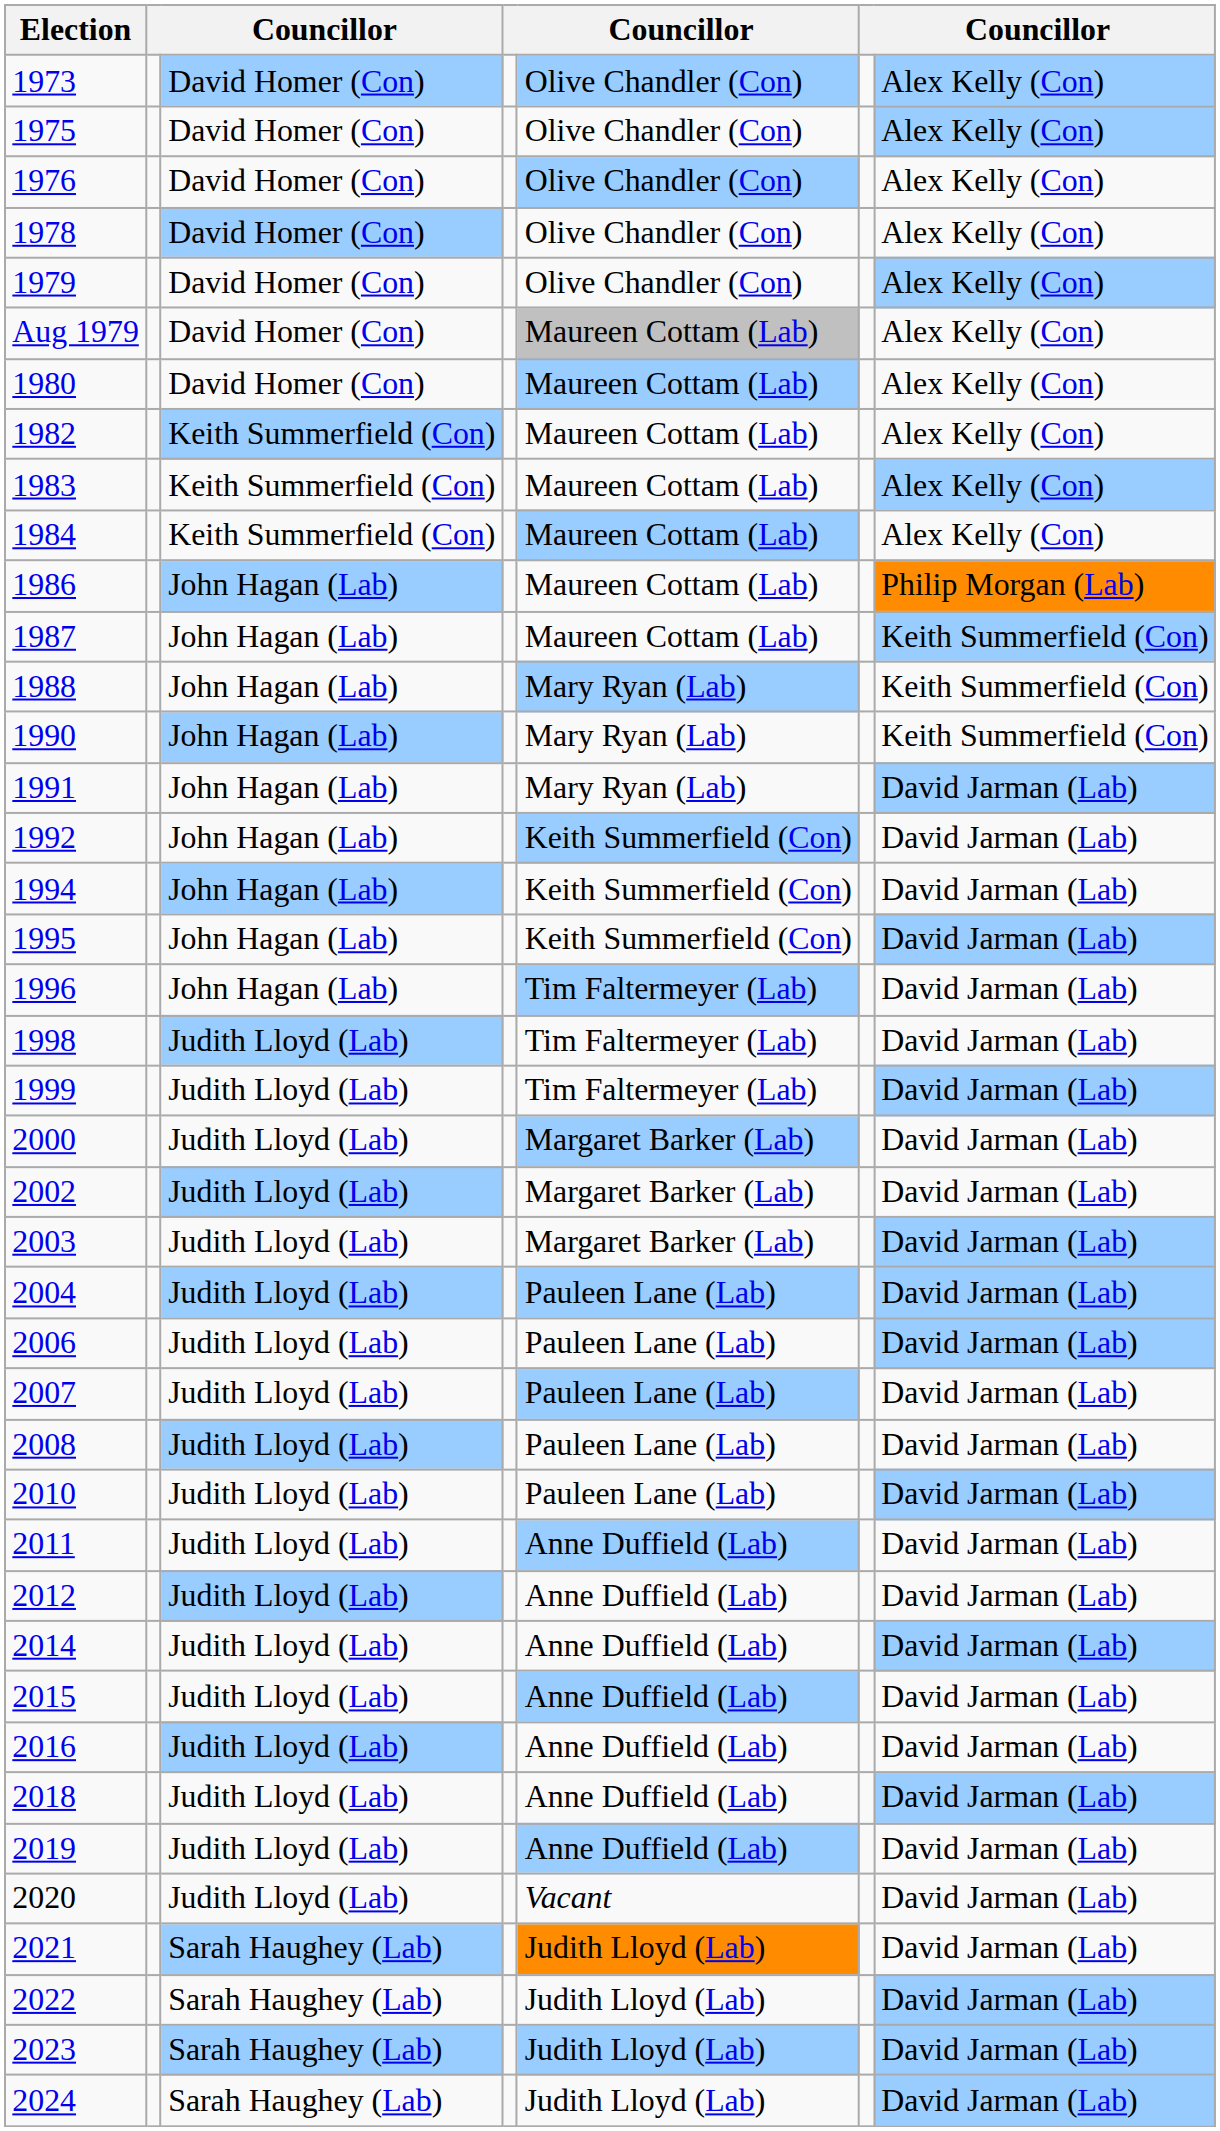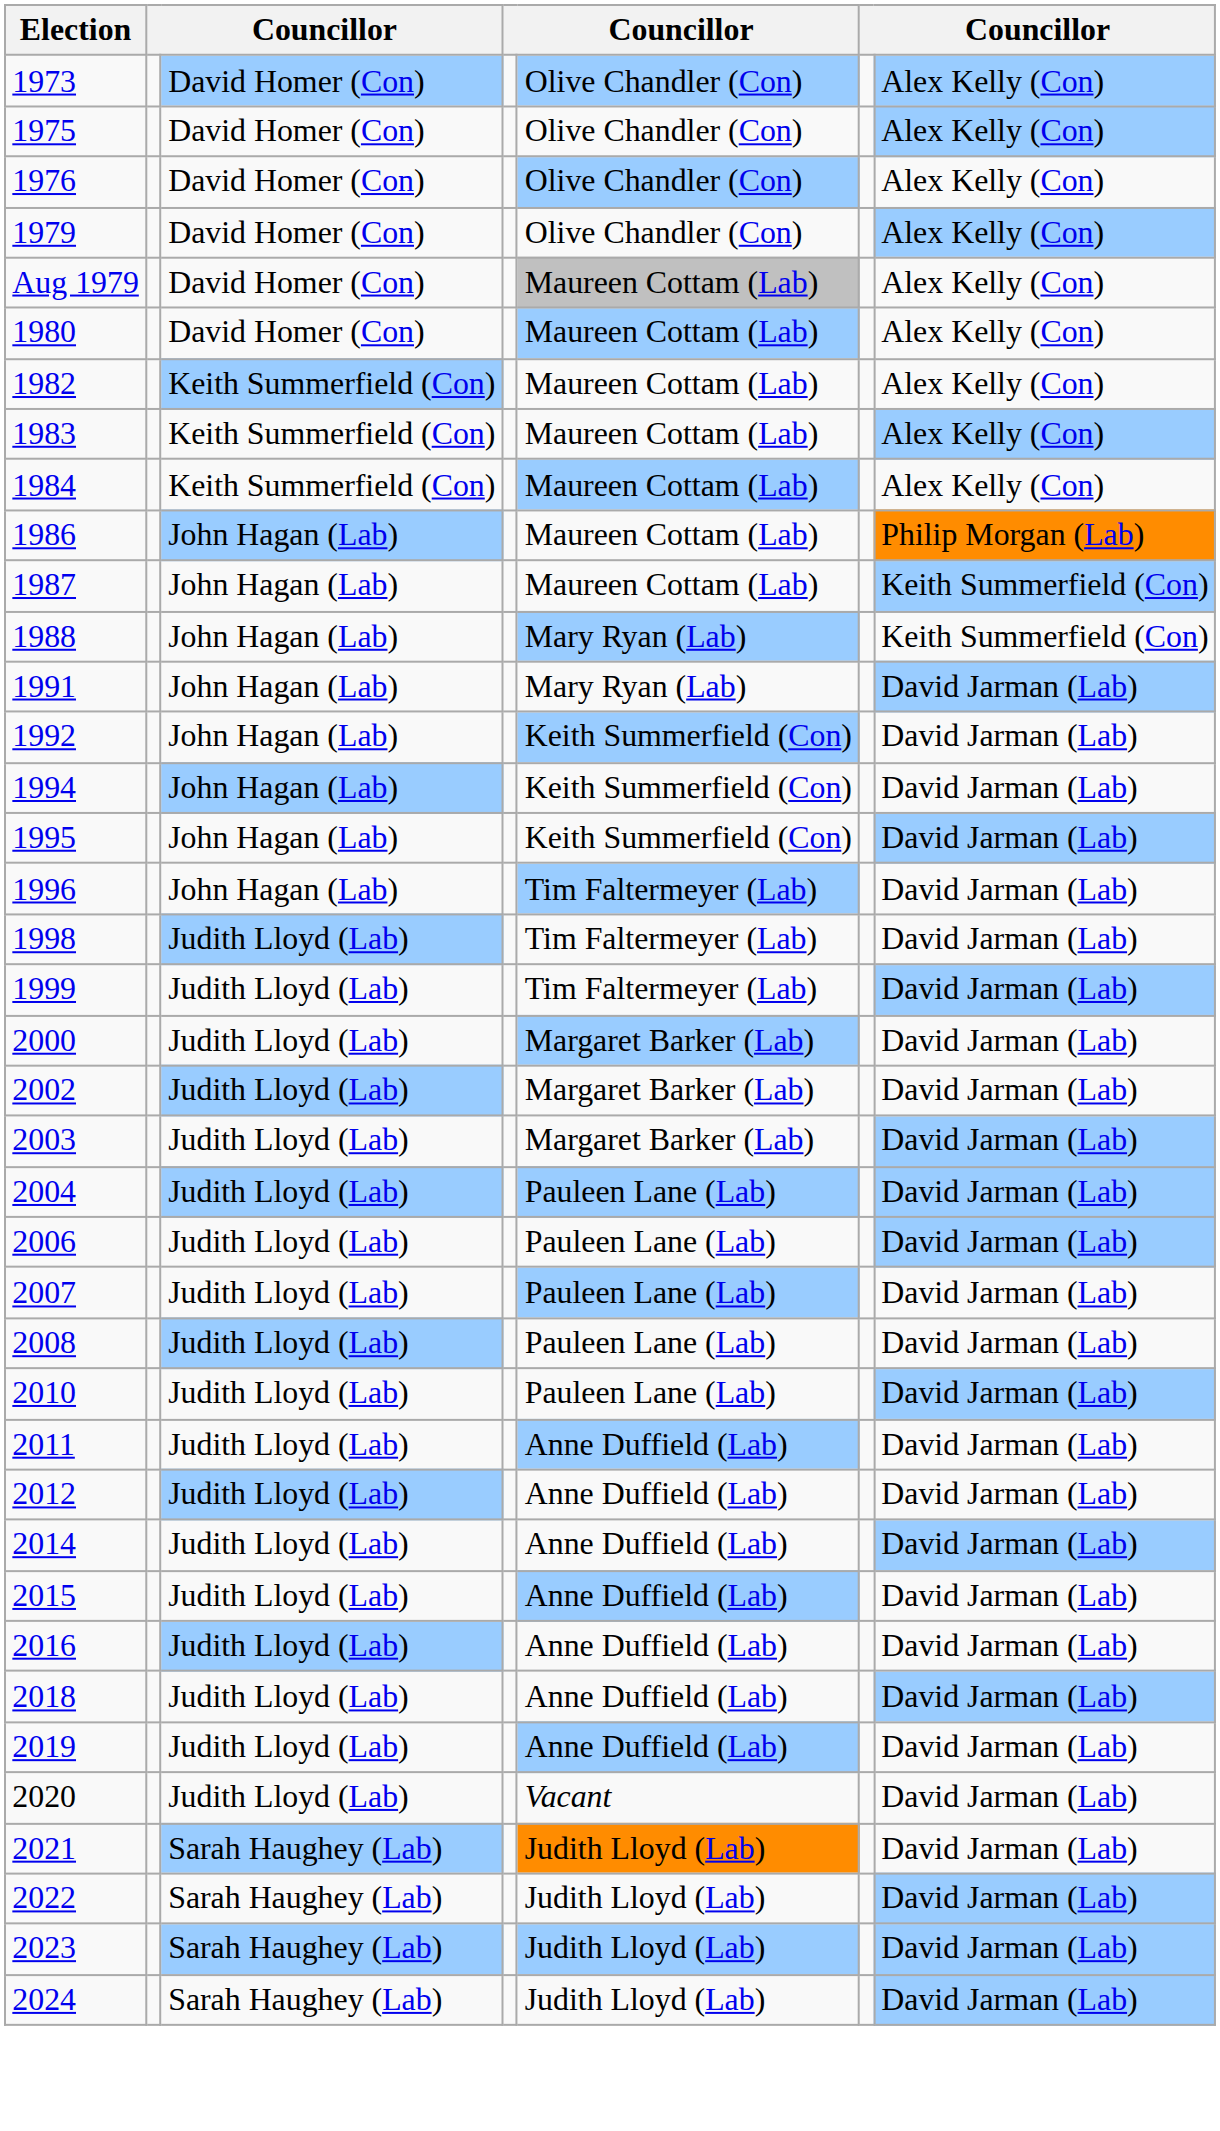 <table class="wikitable">
 <tr>
 <th>Election</th>
 <th colspan="2">Councillor</th>
 <th colspan="2">Councillor</th>
 <th colspan="2">Councillor</th>
 </tr>
 <tr>
 <td><a href='#'>1973</a></td>
 <td style="background-color: "></td>
 <td bgcolor="#99CCFF">David Homer (<a href='#'>Con</a>)</td>
 <td style="background-color: "></td>
 <td bgcolor="#99CCFF">Olive Chandler (<a href='#'>Con</a>)</td>
 <td style="background-color: "></td>
 <td bgcolor="#99CCFF">Alex Kelly (<a href='#'>Con</a>)</td>
 </tr>
 <tr>
 <td><a href='#'>1975</a></td>
 <td style="background-color: "></td>
 <td>David Homer (<a href='#'>Con</a>)</td>
 <td style="background-color: "></td>
 <td>Olive Chandler (<a href='#'>Con</a>)</td>
 <td style="background-color: "></td>
 <td bgcolor="#99CCFF">Alex Kelly (<a href='#'>Con</a>)</td>
 </tr>
 <tr>
 <td><a href='#'>1976</a></td>
 <td style="background-color: "></td>
 <td>David Homer (<a href='#'>Con</a>)</td>
 <td style="background-color: "></td>
 <td bgcolor="#99CCFF">Olive Chandler (<a href='#'>Con</a>)</td>
-<td style="background-color: "></td>
-<td>Alex Kelly (<a href='#'>Con</a>)</td>
-</tr>
-<tr>
-<td><a href='#'>1978</a></td>
-<td style="background-color: "></td>
-<td bgcolor="#99CCFF">David Homer (<a href='#'>Con</a>)</td>
-<td style="background-color: "></td>
-<td>Olive Chandler (<a href='#'>Con</a>)</td>
 <td style="background-color: "></td>
 <td>Alex Kelly (<a href='#'>Con</a>)</td>
 </tr>
 <tr>
 <td><a href='#'>1979</a></td>
 <td style="background-color: "></td>
 <td>David Homer (<a href='#'>Con</a>)</td>
 <td style="background-color: "></td>
 <td>Olive Chandler (<a href='#'>Con</a>)</td>
 <td style="background-color: "></td>
 <td bgcolor="#99CCFF">Alex Kelly (<a href='#'>Con</a>)</td>
 </tr>
 <tr>
 <td><a href='#'>Aug 1979</a></td>
 <td style="background-color: "></td>
 <td>David Homer (<a href='#'>Con</a>)</td>
 <td style="background-color: "></td>
 <td bgcolor="#C0C0C0">Maureen Cottam (<a href='#'>Lab</a>)</td>
 <td style="background-color: "></td>
 <td>Alex Kelly (<a href='#'>Con</a>)</td>
 </tr>
 <tr>
 <td><a href='#'>1980</a></td>
 <td style="background-color: "></td>
 <td>David Homer (<a href='#'>Con</a>)</td>
 <td style="background-color: "></td>
 <td bgcolor="#99CCFF">Maureen Cottam (<a href='#'>Lab</a>)</td>
 <td style="background-color: "></td>
 <td>Alex Kelly (<a href='#'>Con</a>)</td>
 </tr>
 <tr>
 <td><a href='#'>1982</a></td>
 <td style="background-color: "></td>
 <td bgcolor="#99CCFF">Keith Summerfield (<a href='#'>Con</a>)</td>
 <td style="background-color: "></td>
 <td>Maureen Cottam (<a href='#'>Lab</a>)</td>
 <td style="background-color: "></td>
 <td>Alex Kelly (<a href='#'>Con</a>)</td>
 </tr>
 <tr>
 <td><a href='#'>1983</a></td>
 <td style="background-color: "></td>
 <td>Keith Summerfield (<a href='#'>Con</a>)</td>
 <td style="background-color: "></td>
 <td>Maureen Cottam (<a href='#'>Lab</a>)</td>
 <td style="background-color: "></td>
 <td bgcolor="#99CCFF">Alex Kelly (<a href='#'>Con</a>)</td>
 </tr>
 <tr>
 <td><a href='#'>1984</a></td>
 <td style="background-color: "></td>
 <td>Keith Summerfield (<a href='#'>Con</a>)</td>
 <td style="background-color: "></td>
 <td bgcolor="#99CCFF">Maureen Cottam (<a href='#'>Lab</a>)</td>
 <td style="background-color: "></td>
 <td>Alex Kelly (<a href='#'>Con</a>)</td>
 </tr>
 <tr>
 <td><a href='#'>1986</a></td>
 <td style="background-color: "></td>
 <td bgcolor="#99CCFF">John Hagan (<a href='#'>Lab</a>)</td>
 <td style="background-color: "></td>
 <td>Maureen Cottam (<a href='#'>Lab</a>)</td>
 <td style="background-color: "></td>
 <td bgcolor="#FF8C00">Philip Morgan (<a href='#'>Lab</a>)</td>
 </tr>
 <tr>
 <td><a href='#'>1987</a></td>
 <td style="background-color: "></td>
 <td>John Hagan (<a href='#'>Lab</a>)</td>
 <td style="background-color: "></td>
 <td>Maureen Cottam (<a href='#'>Lab</a>)</td>
 <td style="background-color: "></td>
 <td bgcolor="#99CCFF">Keith Summerfield (<a href='#'>Con</a>)</td>
 </tr>
 <tr>
 <td><a href='#'>1988</a></td>
 <td style="background-color: "></td>
 <td>John Hagan (<a href='#'>Lab</a>)</td>
 <td style="background-color: "></td>
 <td bgcolor="#99CCFF">Mary Ryan (<a href='#'>Lab</a>)</td>
-<td style="background-color: "></td>
-<td>Keith Summerfield (<a href='#'>Con</a>)</td>
-</tr>
-<tr>
-<td><a href='#'>1990</a></td>
-<td style="background-color: "></td>
-<td bgcolor="#99CCFF">John Hagan (<a href='#'>Lab</a>)</td>
-<td style="background-color: "></td>
-<td>Mary Ryan (<a href='#'>Lab</a>)</td>
 <td style="background-color: "></td>
 <td>Keith Summerfield (<a href='#'>Con</a>)</td>
 </tr>
 <tr>
 <td><a href='#'>1991</a></td>
 <td style="background-color: "></td>
 <td>John Hagan (<a href='#'>Lab</a>)</td>
 <td style="background-color: "></td>
 <td>Mary Ryan (<a href='#'>Lab</a>)</td>
 <td style="background-color: "></td>
 <td bgcolor="#99CCFF">David Jarman (<a href='#'>Lab</a>)</td>
 </tr>
 <tr>
 <td><a href='#'>1992</a></td>
 <td style="background-color: "></td>
 <td>John Hagan (<a href='#'>Lab</a>)</td>
 <td style="background-color: "></td>
 <td bgcolor="#99CCFF">Keith Summerfield (<a href='#'>Con</a>)</td>
 <td style="background-color: "></td>
 <td>David Jarman (<a href='#'>Lab</a>)</td>
 </tr>
 <tr>
 <td><a href='#'>1994</a></td>
 <td style="background-color: "></td>
 <td bgcolor="#99CCFF">John Hagan (<a href='#'>Lab</a>)</td>
 <td style="background-color: "></td>
 <td>Keith Summerfield (<a href='#'>Con</a>)</td>
 <td style="background-color: "></td>
 <td>David Jarman (<a href='#'>Lab</a>)</td>
 </tr>
 <tr>
 <td><a href='#'>1995</a></td>
 <td style="background-color: "></td>
 <td>John Hagan (<a href='#'>Lab</a>)</td>
 <td style="background-color: "></td>
 <td>Keith Summerfield (<a href='#'>Con</a>)</td>
 <td style="background-color: "></td>
 <td bgcolor="#99CCFF">David Jarman (<a href='#'>Lab</a>)</td>
 </tr>
 <tr>
 <td><a href='#'>1996</a></td>
 <td style="background-color: "></td>
 <td>John Hagan (<a href='#'>Lab</a>)</td>
 <td style="background-color: "></td>
 <td bgcolor="#99CCFF">Tim Faltermeyer (<a href='#'>Lab</a>)</td>
 <td style="background-color: "></td>
 <td>David Jarman (<a href='#'>Lab</a>)</td>
 </tr>
 <tr>
 <td><a href='#'>1998</a></td>
 <td style="background-color: "></td>
 <td bgcolor="#99CCFF">Judith Lloyd (<a href='#'>Lab</a>)</td>
 <td style="background-color: "></td>
 <td>Tim Faltermeyer (<a href='#'>Lab</a>)</td>
 <td style="background-color: "></td>
 <td>David Jarman (<a href='#'>Lab</a>)</td>
 </tr>
 <tr>
 <td><a href='#'>1999</a></td>
 <td style="background-color: "></td>
 <td>Judith Lloyd (<a href='#'>Lab</a>)</td>
 <td style="background-color: "></td>
 <td>Tim Faltermeyer (<a href='#'>Lab</a>)</td>
 <td style="background-color: "></td>
 <td bgcolor="#99CCFF">David Jarman (<a href='#'>Lab</a>)</td>
 </tr>
 <tr>
 <td><a href='#'>2000</a></td>
 <td style="background-color: "></td>
 <td>Judith Lloyd (<a href='#'>Lab</a>)</td>
 <td style="background-color: "></td>
 <td bgcolor="#99CCFF">Margaret Barker (<a href='#'>Lab</a>)</td>
 <td style="background-color: "></td>
 <td>David Jarman (<a href='#'>Lab</a>)</td>
 </tr>
 <tr>
 <td><a href='#'>2002</a></td>
 <td style="background-color: "></td>
 <td bgcolor="#99CCFF">Judith Lloyd (<a href='#'>Lab</a>)</td>
 <td style="background-color: "></td>
 <td>Margaret Barker (<a href='#'>Lab</a>)</td>
 <td style="background-color: "></td>
 <td>David Jarman (<a href='#'>Lab</a>)</td>
 </tr>
 <tr>
 <td><a href='#'>2003</a></td>
 <td style="background-color: "></td>
 <td>Judith Lloyd (<a href='#'>Lab</a>)</td>
 <td style="background-color: "></td>
 <td>Margaret Barker (<a href='#'>Lab</a>)</td>
 <td style="background-color: "></td>
 <td bgcolor="#99CCFF">David Jarman (<a href='#'>Lab</a>)</td>
 </tr>
 <tr>
 <td><a href='#'>2004</a></td>
 <td style="background-color: "></td>
 <td bgcolor="#99CCFF">Judith Lloyd (<a href='#'>Lab</a>)</td>
 <td style="background-color: "></td>
 <td bgcolor="#99CCFF">Pauleen Lane (<a href='#'>Lab</a>)</td>
 <td style="background-color: "></td>
 <td bgcolor="#99CCFF">David Jarman (<a href='#'>Lab</a>)</td>
 </tr>
 <tr>
 <td><a href='#'>2006</a></td>
 <td style="background-color: "></td>
 <td>Judith Lloyd (<a href='#'>Lab</a>)</td>
 <td style="background-color: "></td>
 <td>Pauleen Lane (<a href='#'>Lab</a>)</td>
 <td style="background-color: "></td>
 <td bgcolor="#99CCFF">David Jarman (<a href='#'>Lab</a>)</td>
 </tr>
 <tr>
 <td><a href='#'>2007</a></td>
 <td style="background-color: "></td>
 <td>Judith Lloyd (<a href='#'>Lab</a>)</td>
 <td style="background-color: "></td>
 <td bgcolor="#99CCFF">Pauleen Lane (<a href='#'>Lab</a>)</td>
 <td style="background-color: "></td>
 <td>David Jarman (<a href='#'>Lab</a>)</td>
 </tr>
 <tr>
 <td><a href='#'>2008</a></td>
 <td style="background-color: "></td>
 <td bgcolor="#99CCFF">Judith Lloyd (<a href='#'>Lab</a>)</td>
 <td style="background-color: "></td>
 <td>Pauleen Lane (<a href='#'>Lab</a>)</td>
 <td style="background-color: "></td>
 <td>David Jarman (<a href='#'>Lab</a>)</td>
 </tr>
 <tr>
 <td><a href='#'>2010</a></td>
 <td style="background-color: "></td>
 <td>Judith Lloyd (<a href='#'>Lab</a>)</td>
 <td style="background-color: "></td>
 <td>Pauleen Lane (<a href='#'>Lab</a>)</td>
 <td style="background-color: "></td>
 <td bgcolor="#99CCFF">David Jarman (<a href='#'>Lab</a>)</td>
 </tr>
 <tr>
 <td><a href='#'>2011</a></td>
 <td style="background-color: "></td>
 <td>Judith Lloyd (<a href='#'>Lab</a>)</td>
 <td style="background-color: "></td>
 <td bgcolor="#99CCFF">Anne Duffield (<a href='#'>Lab</a>)</td>
 <td style="background-color: "></td>
 <td>David Jarman (<a href='#'>Lab</a>)</td>
 </tr>
 <tr>
 <td><a href='#'>2012</a></td>
 <td style="background-color: "></td>
 <td bgcolor="#99CCFF">Judith Lloyd (<a href='#'>Lab</a>)</td>
 <td style="background-color: "></td>
 <td>Anne Duffield (<a href='#'>Lab</a>)</td>
 <td style="background-color: "></td>
 <td>David Jarman (<a href='#'>Lab</a>)</td>
 </tr>
 <tr>
 <td><a href='#'>2014</a></td>
 <td style="background-color: "></td>
 <td>Judith Lloyd (<a href='#'>Lab</a>)</td>
 <td style="background-color: "></td>
 <td>Anne Duffield (<a href='#'>Lab</a>)</td>
 <td style="background-color: "></td>
 <td bgcolor="#99CCFF">David Jarman (<a href='#'>Lab</a>)</td>
 </tr>
 <tr>
 <td><a href='#'>2015</a></td>
 <td style="background-color: "></td>
 <td>Judith Lloyd (<a href='#'>Lab</a>)</td>
 <td style="background-color: "></td>
 <td bgcolor="#99CCFF">Anne Duffield (<a href='#'>Lab</a>)</td>
 <td style="background-color: "></td>
 <td>David Jarman (<a href='#'>Lab</a>)</td>
 </tr>
 <tr>
 <td><a href='#'>2016</a></td>
 <td style="background-color: "></td>
 <td bgcolor="#99CCFF">Judith Lloyd (<a href='#'>Lab</a>)</td>
 <td style="background-color: "></td>
 <td>Anne Duffield (<a href='#'>Lab</a>)</td>
 <td style="background-color: "></td>
 <td>David Jarman (<a href='#'>Lab</a>)</td>
 </tr>
 <tr>
 <td><a href='#'>2018</a></td>
 <td style="background-color: "></td>
 <td>Judith Lloyd (<a href='#'>Lab</a>)</td>
 <td style="background-color: "></td>
 <td>Anne Duffield (<a href='#'>Lab</a>)</td>
 <td style="background-color: "></td>
 <td bgcolor="#99CCFF">David Jarman (<a href='#'>Lab</a>)</td>
 </tr>
 <tr>
 <td><a href='#'>2019</a></td>
 <td style="background-color: "></td>
 <td>Judith Lloyd (<a href='#'>Lab</a>)</td>
 <td style="background-color: "></td>
 <td bgcolor="#99CCFF">Anne Duffield (<a href='#'>Lab</a>)</td>
 <td style="background-color: "></td>
 <td>David Jarman (<a href='#'>Lab</a>)</td>
 </tr>
 <tr>
 <td>2020</td>
 <td style="background-color: "></td>
 <td>Judith Lloyd (<a href='#'>Lab</a>)</td>
 <td></td>
 <td><em>Vacant</em></td>
 <td style="background-color: "></td>
 <td>David Jarman (<a href='#'>Lab</a>)</td>
 </tr>
 <tr>
 <td><a href='#'>2021</a></td>
 <td style="background-color: "></td>
 <td bgcolor="#99CCFF">Sarah Haughey (<a href='#'>Lab</a>)</td>
 <td style="background-color: "></td>
 <td bgcolor="#FF8C00">Judith Lloyd (<a href='#'>Lab</a>)</td>
 <td style="background-color: "></td>
 <td>David Jarman (<a href='#'>Lab</a>)</td>
 </tr>
 <tr>
 <td><a href='#'>2022</a></td>
 <td style="background-color: "></td>
 <td>Sarah Haughey (<a href='#'>Lab</a>)</td>
 <td style="background-color: "></td>
 <td>Judith Lloyd (<a href='#'>Lab</a>)</td>
 <td style="background-color: "></td>
 <td bgcolor="#99CCFF">David Jarman (<a href='#'>Lab</a>)</td>
 </tr>
 <tr>
 <td><a href='#'>2023</a></td>
 <td style="background-color: "></td>
 <td bgcolor="#99CCFF">Sarah Haughey (<a href='#'>Lab</a>)</td>
 <td style="background-color: "></td>
 <td bgcolor="#99CCFF">Judith Lloyd (<a href='#'>Lab</a>)</td>
 <td style="background-color: "></td>
 <td bgcolor="#99CCFF">David Jarman (<a href='#'>Lab</a>)</td>
 </tr>
 <tr>
 <td><a href='#'>2024</a></td>
 <td style="background-color: "></td>
 <td bgcolor=>Sarah Haughey (<a href='#'>Lab</a>)</td>
 <td style="background-color: "></td>
 <td bgcolor=>Judith Lloyd (<a href='#'>Lab</a>)</td>
 <td style="background-color: "></td>
 <td bgcolor="#99CCFF">David Jarman (<a href='#'>Lab</a>)</td>
 </tr>
 </table>
